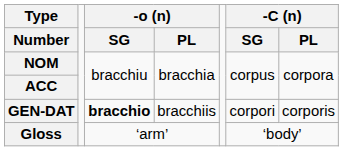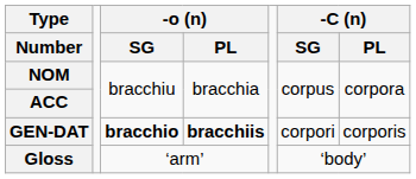 <table class="wikitable" style="text-align: center;">
 <tr>
 <th>Type</th>
 <td rowspan="6"></td>
 <th colspan="2">-o (n)</th>
 <td rowspan="6"></td>
 <th colspan="2">-C (n)</th>
 </tr>
 <tr>
 <th>Number</th>
 <th>SG</th>
 <th>PL</th>
 <th>SG</th>
 <th>PL</th>
 </tr>
 <tr>
 <th>NOM</th>
 <td rowspan="2">bracchiu</td>
 <td rowspan="2">bracchia</td>
 <td rowspan="2">corpus</td>
 <td rowspan="2">corpora</td>
 </tr>
 <tr>
 <th>ACC</th>
 </tr>
 <tr>
 <th>GEN-DAT</th>
 <td><strong>bracchio</strong></td>
-<td>bracchiis</td>
+<td><strong>bracchiis</strong></td>
 <td>corpori</td>
 <td>corporis</td>
 </tr>
 <tr>
 <th>Gloss</th>
 <td colspan="2">‘arm’</td>
 <td colspan="2">‘body’</td>
 </tr>
 </table>
